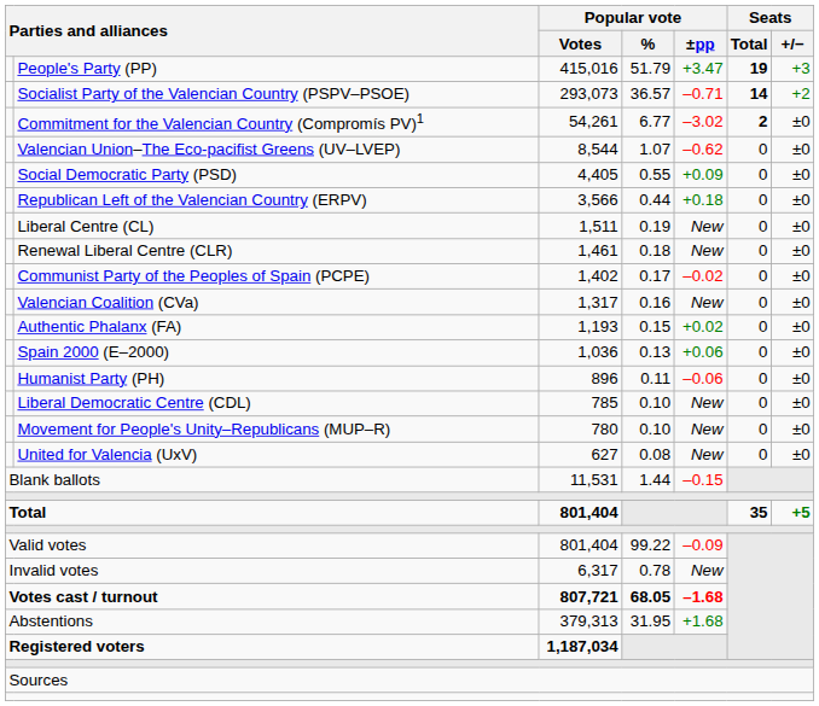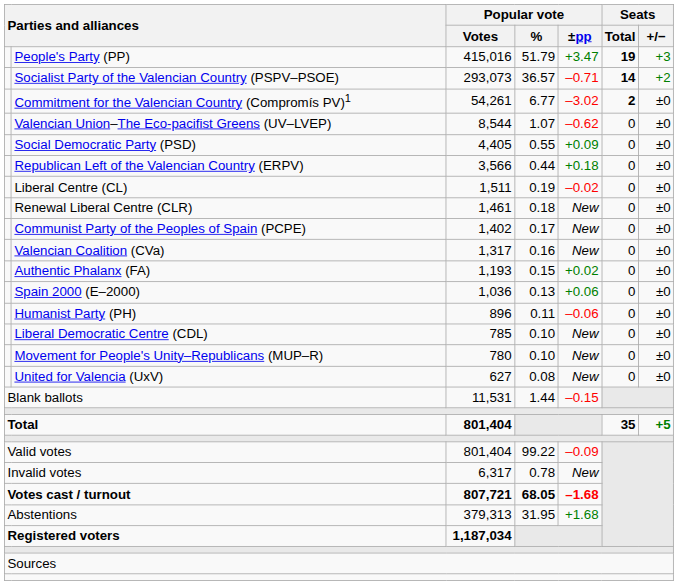 <table class="wikitable" style="text-align:right;">
 <tr>
 <th style="text-align:left;" rowspan="2" colspan="2" width="525">Parties and alliances</th>
 <th colspan="3">Popular vote</th>
 <th colspan="2">Seats</th>
 </tr>
 <tr>
 <th width="75">Votes</th>
 <th width="45">%</th>
 <th width="45">±<a href='#'>pp</a></th>
 <th width="35">Total</th>
 <th width="35">+/−</th>
 </tr>
 <tr>
 <td width="1" style="color:inherit;background:"></td>
 <td align="left"><a href='#'>People's Party</a> (PP)</td>
 <td>415,016</td>
 <td>51.79</td>
 <td style="color:green;">+3.47</td>
 <td><strong>19</strong></td>
 <td style="color:green;">+3</td>
 </tr>
 <tr>
 <td style="color:inherit;background:"></td>
 <td align="left"><a href='#'>Socialist Party of the Valencian Country</a> (PSPV–PSOE)</td>
 <td>293,073</td>
 <td>36.57</td>
 <td style="color:red;">–0.71</td>
 <td><strong>14</strong></td>
 <td style="color:green;">+2</td>
 </tr>
 <tr>
 <td style="color:inherit;background:"></td>
 <td align="left"><a href='#'>Commitment for the Valencian Country</a> (Compromís PV)<sup>1</sup></td>
 <td>54,261</td>
 <td>6.77</td>
 <td style="color:red;">–3.02</td>
 <td><strong>2</strong></td>
 <td>±0</td>
 </tr>
 <tr>
 <td style="color:inherit;background:"></td>
 <td align="left"><a href='#'>Valencian Union</a>–<a href='#'>The Eco-pacifist Greens</a> (UV–LVEP)</td>
 <td>8,544</td>
 <td>1.07</td>
 <td style="color:red;">–0.62</td>
 <td>0</td>
 <td>±0</td>
 </tr>
 <tr>
 <td style="color:inherit;background:"></td>
 <td align="left"><a href='#'>Social Democratic Party</a> (PSD)</td>
 <td>4,405</td>
 <td>0.55</td>
 <td style="color:green;">+0.09</td>
 <td>0</td>
 <td>±0</td>
 </tr>
 <tr>
 <td style="color:inherit;background:"></td>
 <td align="left"><a href='#'>Republican Left of the Valencian Country</a> (ERPV)</td>
 <td>3,566</td>
 <td>0.44</td>
 <td style="color:green;">+0.18</td>
 <td>0</td>
 <td>±0</td>
 </tr>
 <tr>
 <td style="color:inherit;background:"></td>
 <td align="left">Liberal Centre (CL)</td>
 <td>1,511</td>
 <td>0.19</td>
-<td><em>New</em></td>
+<td style="color:red;">–0.02</td>
 <td>0</td>
 <td>±0</td>
 </tr>
 <tr>
 <td style="color:inherit;background:"></td>
 <td align="left">Renewal Liberal Centre (CLR)</td>
 <td>1,461</td>
 <td>0.18</td>
 <td><em>New</em></td>
 <td>0</td>
 <td>±0</td>
 </tr>
 <tr>
 <td style="color:inherit;background:"></td>
 <td align="left"><a href='#'>Communist Party of the Peoples of Spain</a> (PCPE)</td>
 <td>1,402</td>
 <td>0.17</td>
-<td style="color:red;">–0.02</td>
+<td><em>New</em></td>
 <td>0</td>
 <td>±0</td>
 </tr>
 <tr>
 <td style="color:inherit;background:"></td>
 <td align="left"><a href='#'>Valencian Coalition</a> (CVa)</td>
 <td>1,317</td>
 <td>0.16</td>
 <td><em>New</em></td>
 <td>0</td>
 <td>±0</td>
 </tr>
 <tr>
 <td style="color:inherit;background:"></td>
 <td align="left"><a href='#'>Authentic Phalanx</a> (FA)</td>
 <td>1,193</td>
 <td>0.15</td>
 <td style="color:green;">+0.02</td>
 <td>0</td>
 <td>±0</td>
 </tr>
 <tr>
 <td style="color:inherit;background:"></td>
 <td align="left"><a href='#'>Spain 2000</a> (E–2000)</td>
 <td>1,036</td>
 <td>0.13</td>
 <td style="color:green;">+0.06</td>
 <td>0</td>
 <td>±0</td>
 </tr>
 <tr>
 <td style="color:inherit;background:"></td>
 <td align="left"><a href='#'>Humanist Party</a> (PH)</td>
 <td>896</td>
 <td>0.11</td>
 <td style="color:red;">–0.06</td>
 <td>0</td>
 <td>±0</td>
 </tr>
 <tr>
 <td style="color:inherit;background:"></td>
 <td align="left"><a href='#'>Liberal Democratic Centre</a> (CDL)</td>
 <td>785</td>
 <td>0.10</td>
 <td><em>New</em></td>
 <td>0</td>
 <td>±0</td>
 </tr>
 <tr>
 <td style="color:inherit;background:"></td>
 <td align="left"><a href='#'>Movement for People's Unity–Republicans</a> (MUP–R)</td>
 <td>780</td>
 <td>0.10</td>
 <td><em>New</em></td>
 <td>0</td>
 <td>±0</td>
 </tr>
 <tr>
 <td style="color:inherit;background:"></td>
 <td align="left"><a href='#'>United for Valencia</a> (UxV)</td>
 <td>627</td>
 <td>0.08</td>
 <td><em>New</em></td>
 <td>0</td>
 <td>±0</td>
 </tr>
 <tr>
 <td align="left" colspan="2">Blank ballots</td>
 <td>11,531</td>
 <td>1.44</td>
 <td style="color:red;">–0.15</td>
 <td bgcolor="#E9E9E9" colspan="2"></td>
 </tr>
 <tr>
 <td colspan="7" bgcolor="#E9E9E9"></td>
 </tr>
 <tr style="font-weight:bold;">
 <td align="left" colspan="2">Total</td>
 <td>801,404</td>
 <td bgcolor="#E9E9E9" colspan="2"></td>
 <td>35</td>
 <td style="color:green;">+5</td>
 </tr>
 <tr>
 <td colspan="7" bgcolor="#E9E9E9"></td>
 </tr>
 <tr>
 <td align="left" colspan="2">Valid votes</td>
 <td>801,404</td>
 <td>99.22</td>
 <td style="color:red;">–0.09</td>
 <td bgcolor="#E9E9E9" colspan="2" rowspan="5"></td>
 </tr>
 <tr>
 <td align="left" colspan="2">Invalid votes</td>
 <td>6,317</td>
 <td>0.78</td>
 <td><em>New</em></td>
 </tr>
 <tr style="font-weight:bold;">
 <td align="left" colspan="2">Votes cast / turnout</td>
 <td>807,721</td>
 <td>68.05</td>
 <td style="color:red;">–1.68</td>
 </tr>
 <tr>
 <td align="left" colspan="2">Abstentions</td>
 <td>379,313</td>
 <td>31.95</td>
 <td style="color:green;">+1.68</td>
 </tr>
 <tr style="font-weight:bold;">
 <td align="left" colspan="2">Registered voters</td>
 <td>1,187,034</td>
 <td bgcolor="#E9E9E9" colspan="2"></td>
 </tr>
 <tr>
 <td colspan="7" bgcolor="#E9E9E9"></td>
 </tr>
 <tr>
 <td align="left" colspan="7">Sources</td>
 </tr>
 <tr>
 <td colspan="7" style="text-align:left; max-width:790px;"></td>
 </tr>
 </table>
